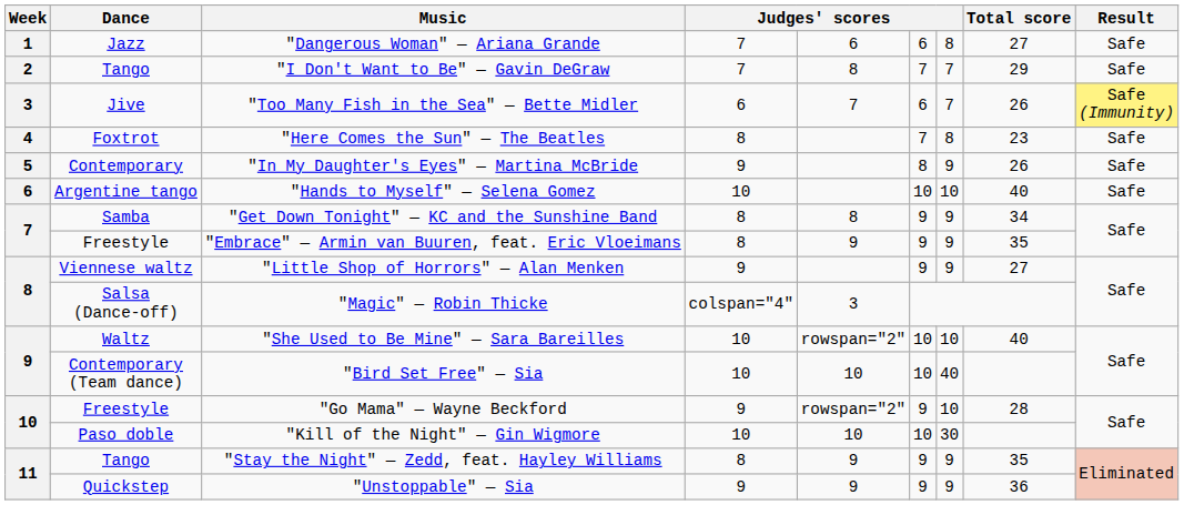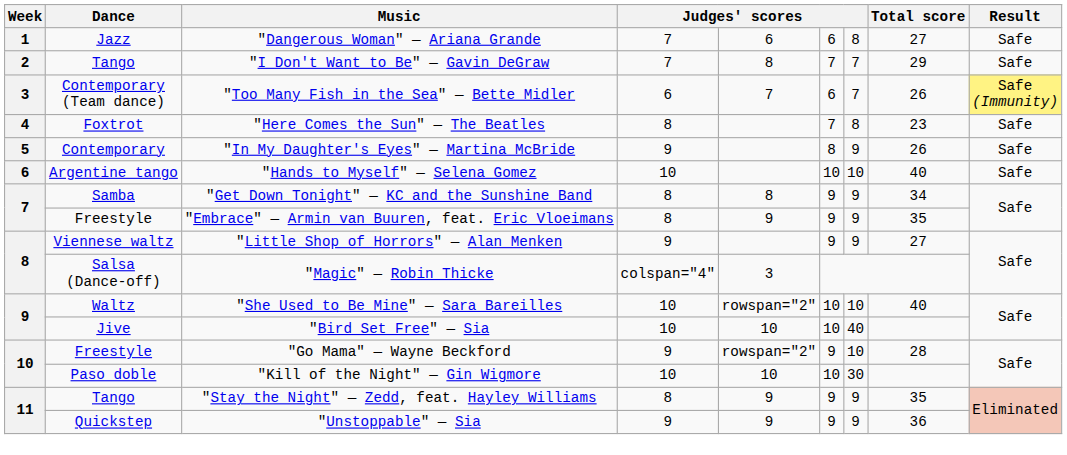 <table class="wikitable unsortable" style="text-align:center">
 <tr>
 <th scope="col">Week</th>
 <th scope="col">Dance</th>
 <th scope="col">Music</th>
 <th scope="col" colspan="4">Judges' scores</th>
 <th scope="col">Total score</th>
 <th scope="col">Result</th>
 </tr>
 <tr>
 <th scope="row">1</th>
 <td><a href='#'>Jazz</a></td>
 <td>"<a href='#'>Dangerous Woman</a>" — <a href='#'>Ariana Grande</a></td>
 <td>7</td>
 <td>6</td>
 <td>6</td>
 <td>8</td>
 <td>27</td>
 <td>Safe</td>
 </tr>
 <tr>
 <th scope="row">2</th>
 <td><a href='#'> Tango</a></td>
 <td>"<a href='#'>I Don't Want to Be</a>" — <a href='#'>Gavin DeGraw</a></td>
 <td>7</td>
 <td>8</td>
 <td>7</td>
 <td>7</td>
 <td>29</td>
 <td>Safe</td>
 </tr>
 <tr>
 <th scope="row">3</th>
-<td><a href='#'>Jive</a></td>
+<td><a href='#'>Contemporary</a><br>(Team dance)</td>
 <td>"<a href='#'>Too Many Fish in the Sea</a>" — <a href='#'>Bette Midler</a></td>
 <td>6</td>
 <td>7</td>
 <td>6</td>
 <td>7</td>
 <td>26</td>
 <td bgcolor="fff383">Safe<br><em>(Immunity)</em></td>
 </tr>
 <tr>
 <th scope="row">4</th>
 <td><a href='#'>Foxtrot</a></td>
 <td>"<a href='#'>Here Comes the Sun</a>" — <a href='#'>The Beatles</a></td>
 <td>8</td>
 <td></td>
 <td>7</td>
 <td>8</td>
 <td>23</td>
 <td>Safe</td>
 </tr>
 <tr>
 <th scope="row">5</th>
 <td><a href='#'>Contemporary</a></td>
 <td>"<a href='#'>In My Daughter's Eyes</a>" — <a href='#'>Martina McBride</a></td>
 <td>9</td>
 <td></td>
 <td>8</td>
 <td>9</td>
 <td>26</td>
 <td>Safe</td>
 </tr>
 <tr>
 <th scope="row">6</th>
 <td><a href='#'>Argentine tango</a></td>
 <td>"<a href='#'>Hands to Myself</a>" — <a href='#'>Selena Gomez</a></td>
 <td>10</td>
 <td></td>
 <td>10</td>
 <td>10</td>
 <td>40</td>
 <td>Safe</td>
 </tr>
 <tr>
 <th rowspan="2" scope="row">7</th>
 <td><a href='#'>Samba</a></td>
 <td>"<a href='#'>Get Down Tonight</a>" — <a href='#'>KC and the Sunshine Band</a></td>
 <td>8</td>
 <td>8</td>
 <td>9</td>
 <td>9</td>
 <td>34</td>
 <td rowspan="2">Safe</td>
 </tr>
 <tr>
 <td>Freestyle<br></td>
 <td>"<a href='#'>Embrace</a>" — <a href='#'>Armin van Buuren</a>, feat. <a href='#'>Eric Vloeimans</a></td>
 <td>8</td>
 <td>9</td>
 <td>9</td>
 <td>9</td>
 <td>35</td>
 </tr>
 <tr>
 <th rowspan="2" scope="row">8</th>
 <td><a href='#'>Viennese waltz</a></td>
 <td>"<a href='#'>Little Shop of Horrors</a>" — <a href='#'>Alan Menken</a></td>
 <td>9</td>
 <td></td>
 <td>9</td>
 <td>9</td>
 <td>27</td>
 <td rowspan="2">Safe</td>
 </tr>
 <tr>
 <td><a href='#'>Salsa</a><br>(Dance-off)</td>
 <td>"<a href='#'>Magic</a>" — <a href='#'>Robin Thicke</a></td>
 <td>colspan="4" </td>
 <td>3</td>
 </tr>
 <tr>
 <th rowspan="2" scope="row">9</th>
 <td><a href='#'>Waltz</a></td>
 <td>"<a href='#'>She Used to Be Mine</a>" — <a href='#'>Sara Bareilles</a></td>
 <td>10</td>
 <td>rowspan="2" </td>
 <td>10</td>
 <td>10</td>
 <td>40</td>
 <td rowspan="2">Safe</td>
 </tr>
 <tr>
-<td><a href='#'>Contemporary</a><br>(Team dance)</td>
+<td><a href='#'>Jive</a></td>
 <td>"<a href='#'>Bird Set Free</a>" — <a href='#'>Sia</a></td>
 <td>10</td>
 <td>10</td>
 <td>10</td>
 <td>40</td>
 </tr>
 <tr>
 <th rowspan="2" scope="row">10<br></th>
 <td><a href='#'>Freestyle</a></td>
 <td>"Go Mama" — Wayne Beckford</td>
 <td>9</td>
 <td>rowspan="2" </td>
 <td>9</td>
 <td>10</td>
 <td>28</td>
 <td rowspan="2">Safe</td>
 </tr>
 <tr>
 <td><a href='#'>Paso doble</a></td>
 <td>"Kill of the Night" — <a href='#'>Gin Wigmore</a></td>
 <td>10</td>
 <td>10</td>
 <td>10</td>
 <td>30</td>
 </tr>
 <tr>
 <th rowspan="2" scope="row">11<br></th>
 <td><a href='#'>Tango</a></td>
 <td>"<a href='#'>Stay the Night</a>" — <a href='#'>Zedd</a>, feat. <a href='#'>Hayley Williams</a></td>
 <td>8</td>
 <td>9</td>
 <td>9</td>
 <td>9</td>
 <td>35</td>
 <td rowspan="2" bgcolor="f4c7b8">Eliminated</td>
 </tr>
 <tr>
 <td><a href='#'>Quickstep</a></td>
 <td>"<a href='#'>Unstoppable</a>" — <a href='#'>Sia</a></td>
 <td>9</td>
 <td>9</td>
 <td>9</td>
 <td>9</td>
 <td>36</td>
 </tr>
 </table>
